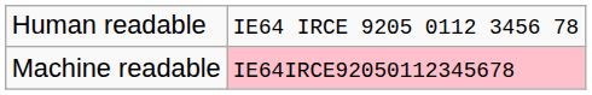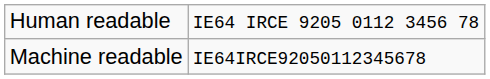 <table class = "wikitable">
 <tr>
 <td>Human readable</td>
 <td><code>IE64 IRCE 9205 0112 3456 78</code></td>
 </tr>
 <tr>
 <td>Machine readable</td>
-<td style="background: pink;"><code>IE64IRCE92050112345678</code></td>
+<td><code>IE64IRCE92050112345678</code></td>
 </tr>
 </table>
